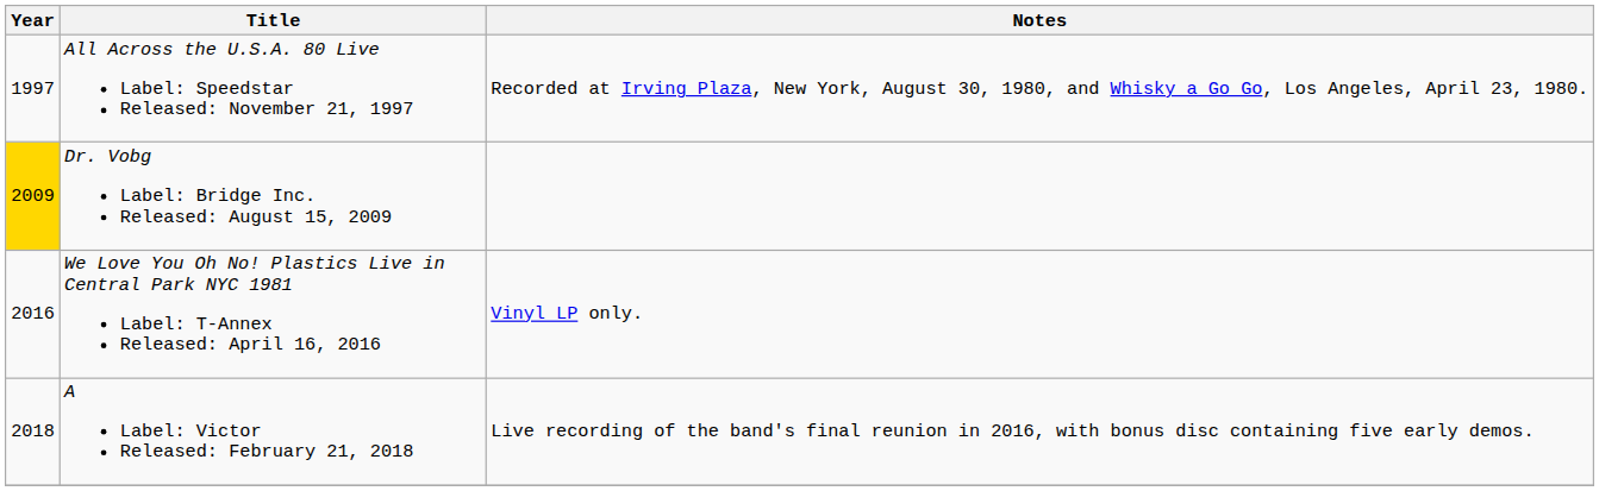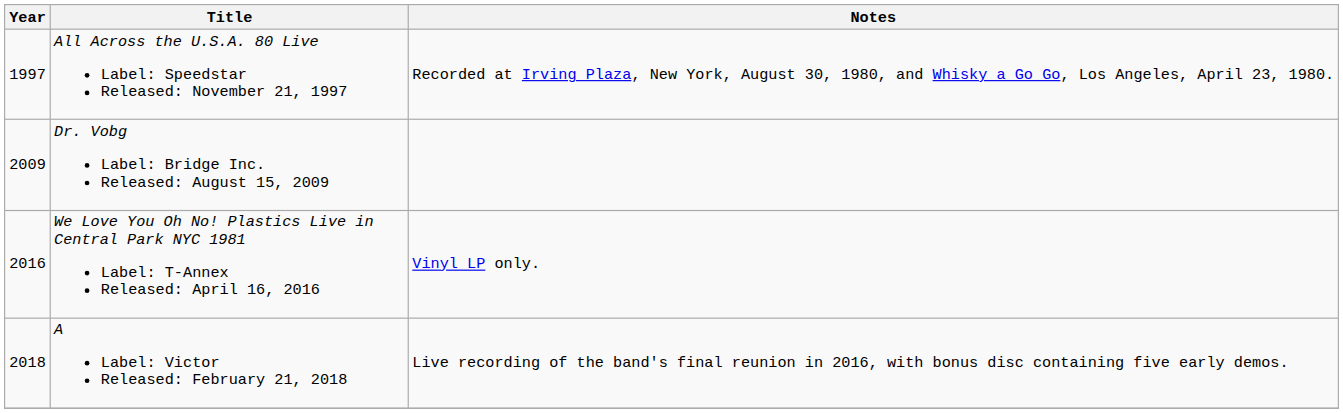 <table class="wikitable">
 <tr>
 <th style="width:33px;">Year</th>
 <th style="width:300px;">Title</th>
 <th>Notes</th>
 </tr>
 <tr>
 <td style="text-align:center;">1997</td>
 <td><em>All Across the U.S.A. 80 Live</em><br><ul><li>Label: Speedstar</li><li>Released: November 21, 1997</li></ul></td>
 <td>Recorded at <a href='#'>Irving Plaza</a>, New York, August 30, 1980, and <a href='#'>Whisky a Go Go</a>, Los Angeles, April 23, 1980.</td>
 </tr>
 <tr>
-<td style="background: gold; text-align:center;">2009</td>
+<td style="text-align:center;">2009</td>
 <td><em>Dr. Vobg</em><br><ul><li>Label: Bridge Inc.</li><li>Released: August 15, 2009</li></ul></td>
 <td></td>
 </tr>
 <tr>
 <td style="text-align:center;">2016</td>
 <td><em>We Love You Oh No! Plastics Live in Central Park NYC 1981 </em><br><ul><li>Label: T-Annex</li><li>Released: April 16, 2016</li></ul></td>
 <td><a href='#'>Vinyl LP</a> only.</td>
 </tr>
 <tr>
 <td style="text-align:center;">2018</td>
 <td><em>A</em><br><ul><li>Label: Victor</li><li>Released: February 21, 2018</li></ul></td>
 <td>Live recording of the band's final reunion in 2016, with bonus disc containing five early demos.</td>
 </tr>
 <tr>
 </tr>
 </table>
